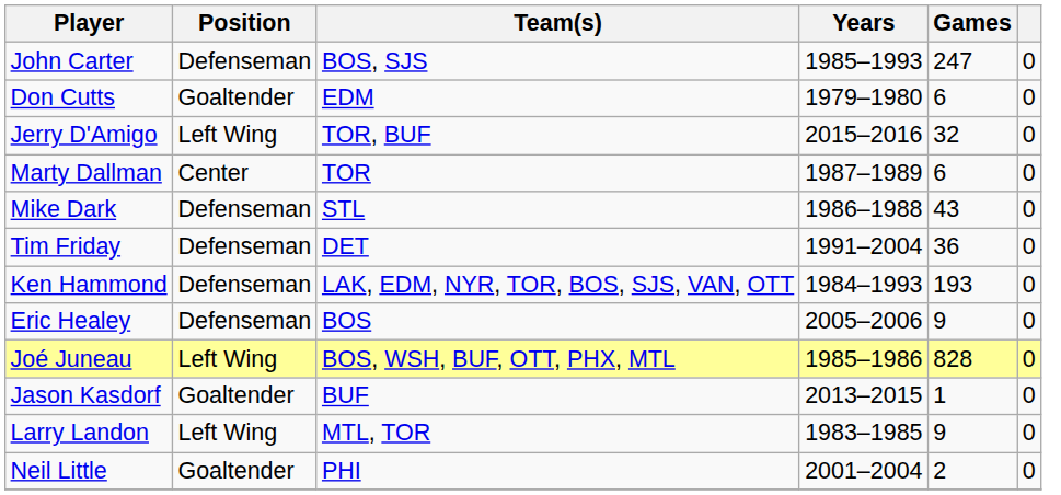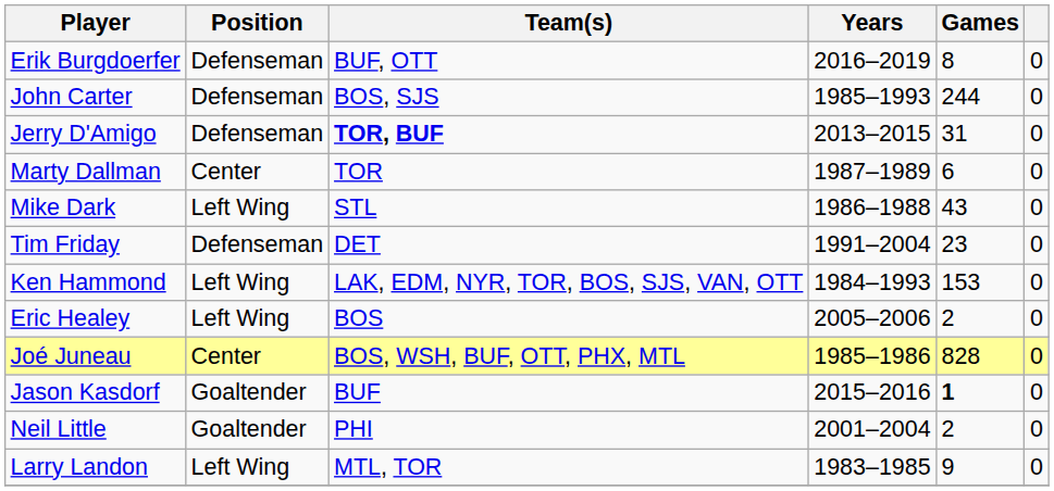 <table class="wikitable sortable">
 <tr>
 <th>Player</th>
 <th>Position</th>
 <th>Team(s)</th>
 <th>Years</th>
 <th>Games</th>
 <th><a href='#'></a></th>
 </tr>
 <tr>
+<td><a href='#'>Erik Burgdoerfer</a></td>
+<td>Defenseman</td>
+<td><a href='#'>BUF</a>, <a href='#'>OTT</a></td>
+<td>2016–2019</td>
+<td>8</td>
+<td>0</td>
+</tr>
+<tr>
 <td><a href='#'>John Carter</a></td>
 <td>Defenseman</td>
 <td><a href='#'>BOS</a>, <a href='#'>SJS</a></td>
 <td>1985–1993</td>
-<td>247</td>
-<td>0</td>
-</tr>
-<tr>
-<td><a href='#'>Don Cutts</a></td>
-<td>Goaltender</td>
-<td><a href='#'>EDM</a></td>
-<td>1979–1980</td>
-<td>6</td>
+<td>244</td>
 <td>0</td>
 </tr>
 <tr>
 <td><a href='#'>Jerry D'Amigo</a></td>
-<td>Left Wing</td>
-<td><a href='#'>TOR</a>, <a href='#'>BUF</a></td>
-<td>2015–2016</td>
-<td>32</td>
+<td>Defenseman</td>
+<td><strong><a href='#'>TOR</a>, <a href='#'>BUF</a></strong></td>
+<td>2013–2015</td>
+<td>31</td>
 <td>0</td>
 </tr>
 <tr>
 <td><a href='#'>Marty Dallman</a></td>
 <td>Center</td>
 <td><a href='#'>TOR</a></td>
 <td>1987–1989</td>
 <td>6</td>
 <td>0</td>
 </tr>
 <tr>
 <td><a href='#'>Mike Dark</a></td>
-<td>Defenseman</td>
+<td>Left Wing</td>
 <td><a href='#'>STL</a></td>
 <td>1986–1988</td>
 <td>43</td>
 <td>0</td>
 </tr>
 <tr>
 <td><a href='#'>Tim Friday</a></td>
 <td>Defenseman</td>
 <td><a href='#'>DET</a></td>
 <td>1991–2004</td>
-<td>36</td>
+<td>23</td>
 <td>0</td>
 </tr>
 <tr>
 <td><a href='#'>Ken Hammond</a></td>
-<td>Defenseman</td>
+<td>Left Wing</td>
 <td><a href='#'>LAK</a>, <a href='#'>EDM</a>, <a href='#'>NYR</a>, <a href='#'>TOR</a>, <a href='#'>BOS</a>, <a href='#'>SJS</a>, <a href='#'>VAN</a>, <a href='#'>OTT</a></td>
 <td>1984–1993</td>
-<td>193</td>
+<td>153</td>
 <td>0</td>
 </tr>
 <tr>
 <td><a href='#'>Eric Healey</a></td>
-<td>Defenseman</td>
+<td>Left Wing</td>
 <td><a href='#'>BOS</a></td>
 <td>2005–2006</td>
-<td>9</td>
+<td>2</td>
 <td>0</td>
 </tr>
 <tr bgcolor=FFFF99>
 <td><a href='#'>Joé Juneau</a></td>
-<td>Left Wing</td>
+<td>Center</td>
 <td><a href='#'>BOS</a>, <a href='#'>WSH</a>, <a href='#'>BUF</a>, <a href='#'>OTT</a>, <a href='#'>PHX</a>, <a href='#'>MTL</a></td>
 <td>1985–1986</td>
 <td>828</td>
 <td>0</td>
 </tr>
 <tr>
 <td><a href='#'>Jason Kasdorf</a></td>
 <td>Goaltender</td>
 <td><a href='#'>BUF</a></td>
-<td>2013–2015</td>
-<td>1</td>
+<td>2015–2016</td>
+<td><strong>1</strong></td>
+<td>0</td>
+</tr>
+<tr>
+<td><a href='#'>Neil Little</a></td>
+<td>Goaltender</td>
+<td><a href='#'>PHI</a></td>
+<td>2001–2004</td>
+<td>2</td>
 <td>0</td>
 </tr>
 <tr>
 <td><a href='#'>Larry Landon</a></td>
 <td>Left Wing</td>
 <td><a href='#'>MTL</a>, <a href='#'>TOR</a></td>
 <td>1983–1985</td>
 <td>9</td>
 <td>0</td>
 </tr>
 <tr>
-<td><a href='#'>Neil Little</a></td>
-<td>Goaltender</td>
-<td><a href='#'>PHI</a></td>
-<td>2001–2004</td>
-<td>2</td>
-<td>0</td>
-</tr>
-<tr>
 </tr>
 </table>
